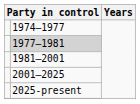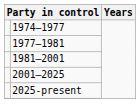 <table class="wikitable">
 <tr>
 <th colspan=2>Party in control</th>
 <th>Years</th>
 </tr>
 <tr>
 <td></td>
 <td>1974–1977</td>
 </tr>
 <tr>
 <td></td>
-<td style="background: lightgrey;">1977–1981</td>
+<td>1977–1981</td>
 </tr>
 <tr>
 <td></td>
 <td>1981–2001</td>
 </tr>
 <tr>
 <td></td>
 <td>2001–2025</td>
 </tr>
 <tr>
 <td></td>
 <td>2025-present</td>
 </tr>
 <tr>
 </tr>
 </table>
